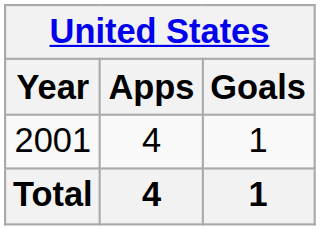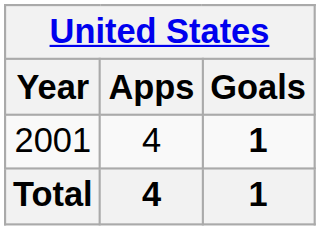 <table class="wikitable" style="text-align:center">
 <tr>
 <th colspan=3><a href='#'>United States</a></th>
 </tr>
 <tr>
 <th>Year</th>
 <th>Apps</th>
 <th>Goals</th>
 </tr>
 <tr>
 <td>2001</td>
 <td>4</td>
-<td>1</td>
+<td><strong>1</strong></td>
 </tr>
 <tr>
 <th>Total</th>
 <th>4</th>
 <th>1</th>
 </tr>
 </table>
